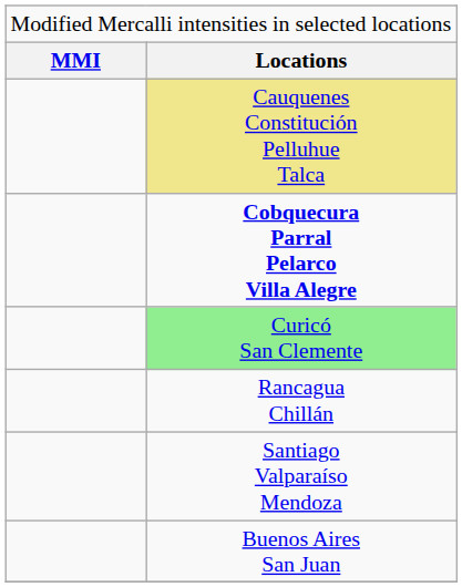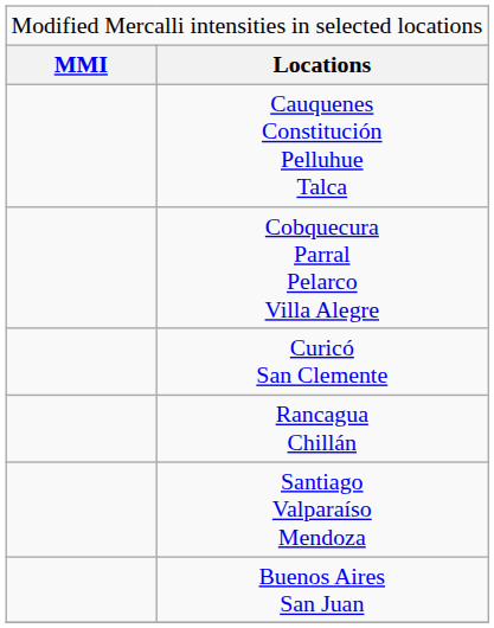 <table class="wikitable" style="float: right; text-align: center; font-size:90%;">
 <tr>
 <td colspan="3" style="text-align: center;">Modified Mercalli intensities in selected locations</td>
 </tr>
 <tr>
 <th><a href='#'>MMI</a></th>
 <th>Locations</th>
 </tr>
 <tr>
 <td></td>
-<td style="background: khaki;"><a href='#'>Cauquenes</a><br><a href='#'>Constitución</a><br><a href='#'>Pelluhue</a><br><a href='#'>Talca</a></td>
+<td><a href='#'>Cauquenes</a><br><a href='#'>Constitución</a><br><a href='#'>Pelluhue</a><br><a href='#'>Talca</a></td>
 </tr>
 <tr>
 <td></td>
-<td><strong><a href='#'>Cobquecura</a><br><a href='#'>Parral</a><br><a href='#'>Pelarco</a><br><a href='#'>Villa Alegre</a></strong></td>
+<td><a href='#'>Cobquecura</a><br><a href='#'>Parral</a><br><a href='#'>Pelarco</a><br><a href='#'>Villa Alegre</a></td>
 </tr>
 <tr>
 <td></td>
-<td style="background: lightgreen;"><a href='#'>Curicó</a><br><a href='#'>San Clemente</a></td>
+<td><a href='#'>Curicó</a><br><a href='#'>San Clemente</a></td>
 </tr>
 <tr>
 <td></td>
 <td><a href='#'>Rancagua</a><br><a href='#'>Chillán</a></td>
 </tr>
 <tr>
 <td></td>
 <td><a href='#'>Santiago</a><br><a href='#'>Valparaíso</a><br><a href='#'>Mendoza</a></td>
 </tr>
 <tr>
 <td></td>
 <td><a href='#'>Buenos Aires</a><br><a href='#'>San Juan</a></td>
 </tr>
 <tr>
 </tr>
 </table>
